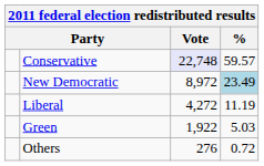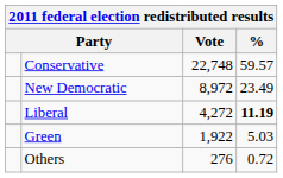 <table class="wikitable">
 <tr>
 <th colspan="4"><a href='#'>2011 federal election</a> redistributed results</th>
 </tr>
 <tr>
 <th bgcolor="#DDDDFF" width="130px" colspan="2">Party</th>
 <th bgcolor="#DDDDFF" width="50px">Vote</th>
 <th bgcolor="#DDDDFF" width="30px">%</th>
 </tr>
 <tr>
 <td> </td>
 <td><a href='#'>Conservative</a></td>
-<td align="right" style="background: lavender;">22,748</td>
+<td align="right">22,748</td>
 <td align="right">59.57</td>
 </tr>
 <tr>
 <td> </td>
 <td><a href='#'>New Democratic</a></td>
 <td align="right">8,972</td>
-<td align="right" style="background: lightblue;">23.49</td>
+<td align="right">23.49</td>
 </tr>
 <tr>
 <td> </td>
 <td><a href='#'>Liberal</a></td>
 <td align="right">4,272</td>
-<td align="right">11.19</td>
+<td align="right"><strong>11.19</strong></td>
 </tr>
 <tr>
 <td> </td>
 <td><a href='#'>Green</a></td>
 <td align="right">1,922</td>
 <td align="right">5.03</td>
 </tr>
 <tr>
 <td> </td>
 <td>Others</td>
 <td align="right">276</td>
 <td align="right">0.72</td>
 </tr>
 </table>
